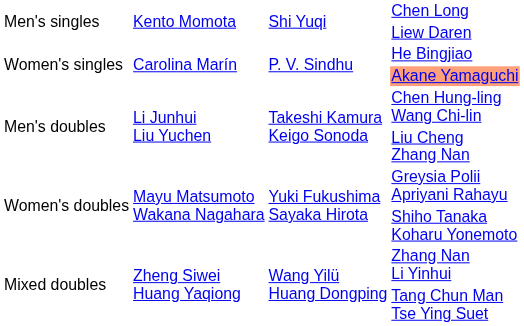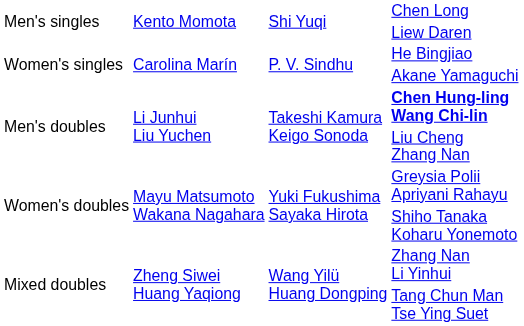 <table>
 <tr>
 <td rowspan=2>Men's singles<br></td>
 <td rowspan=2> <a href='#'>Kento Momota</a></td>
 <td rowspan=2> <a href='#'>Shi Yuqi</a></td>
 <td> <a href='#'>Chen Long</a></td>
 </tr>
 <tr>
 <td> <a href='#'>Liew Daren</a></td>
 </tr>
 <tr>
 <td rowspan=2>Women's singles<br></td>
 <td rowspan=2> <a href='#'>Carolina Marín</a></td>
 <td rowspan=2> <a href='#'>P. V. Sindhu</a></td>
 <td> <a href='#'>He Bingjiao</a></td>
 </tr>
 <tr>
-<td style="background: lightsalmon;"> <a href='#'>Akane Yamaguchi</a></td>
+<td> <a href='#'>Akane Yamaguchi</a></td>
 </tr>
 <tr>
 <td rowspan=2>Men's doubles<br></td>
 <td rowspan=2> <a href='#'>Li Junhui</a><br> <a href='#'>Liu Yuchen</a></td>
 <td rowspan=2> <a href='#'>Takeshi Kamura</a><br> <a href='#'>Keigo Sonoda</a></td>
-<td> <a href='#'>Chen Hung-ling</a><br> <a href='#'>Wang Chi-lin</a></td>
+<td><strong> <a href='#'>Chen Hung-ling</a><br> <a href='#'>Wang Chi-lin</a></strong></td>
 </tr>
 <tr>
 <td> <a href='#'>Liu Cheng</a><br> <a href='#'>Zhang Nan</a></td>
 </tr>
 <tr>
 <td rowspan=2>Women's doubles<br></td>
 <td rowspan=2> <a href='#'>Mayu Matsumoto</a><br> <a href='#'>Wakana Nagahara</a></td>
 <td rowspan=2> <a href='#'>Yuki Fukushima</a><br> <a href='#'>Sayaka Hirota</a></td>
 <td> <a href='#'>Greysia Polii</a><br> <a href='#'>Apriyani Rahayu</a></td>
 </tr>
 <tr>
 <td> <a href='#'>Shiho Tanaka</a><br> <a href='#'>Koharu Yonemoto</a></td>
 </tr>
 <tr>
 <td rowspan=2>Mixed doubles<br></td>
 <td rowspan=2> <a href='#'>Zheng Siwei</a><br> <a href='#'>Huang Yaqiong</a></td>
 <td rowspan=2> <a href='#'>Wang Yilü</a><br> <a href='#'>Huang Dongping</a></td>
 <td> <a href='#'>Zhang Nan</a><br> <a href='#'>Li Yinhui</a></td>
 </tr>
 <tr>
 <td> <a href='#'>Tang Chun Man</a><br> <a href='#'>Tse Ying Suet</a></td>
 </tr>
 </table>
